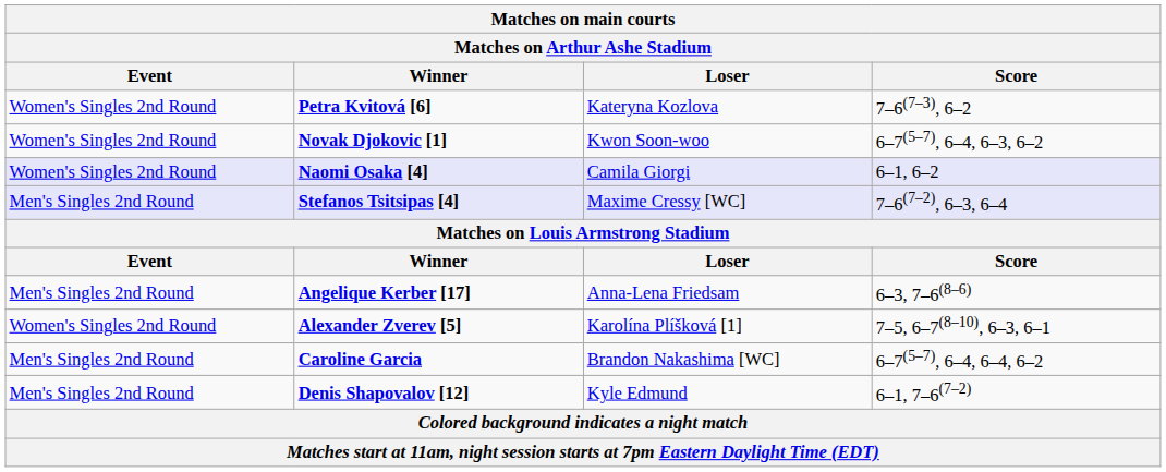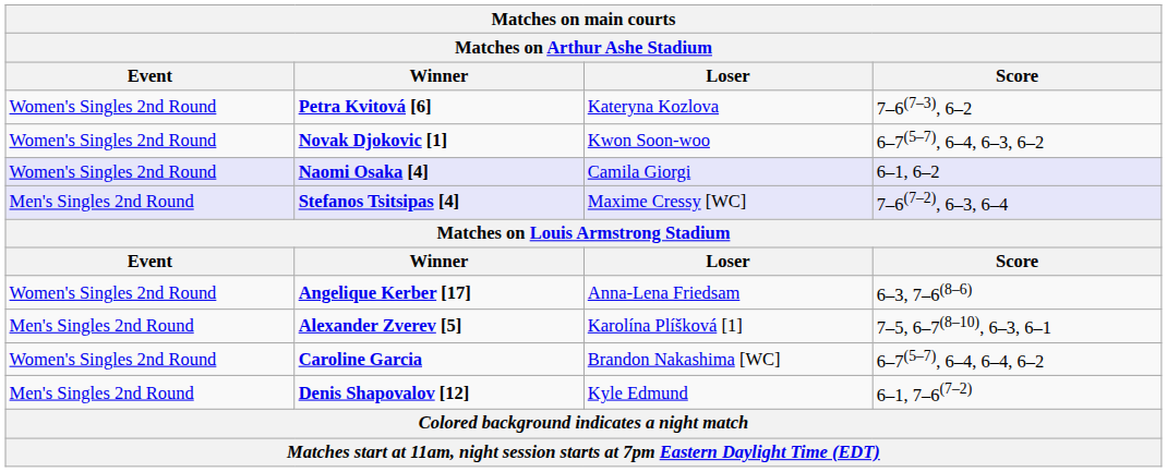 <table class="wikitable" style="margin:auto;">
 <tr>
 <th colspan="4" style="white-space:nowrap;">Matches on main courts</th>
 </tr>
 <tr>
 <th colspan="4"><strong>Matches on <a href='#'>Arthur Ashe Stadium</a></strong></th>
 </tr>
 <tr>
 <th width=250>Event</th>
 <th width=250>Winner</th>
 <th width=250>Loser</th>
 <th width=250>Score</th>
 </tr>
 <tr>
 <td><a href='#'>Women's Singles 2nd Round</a></td>
 <td><strong> <a href='#'>Petra Kvitová</a> [6]</strong></td>
 <td> <a href='#'>Kateryna Kozlova</a></td>
 <td>7–6<sup>(7–3)</sup>, 6–2</td>
 </tr>
 <tr>
 <td><a href='#'>Women's Singles 2nd Round</a></td>
 <td><strong> <a href='#'>Novak Djokovic</a> [1]</strong></td>
 <td> <a href='#'>Kwon Soon-woo</a></td>
 <td>6–7<sup>(5–7)</sup>, 6–4, 6–3, 6–2</td>
 </tr>
 <tr bgcolor=lavender>
 <td><a href='#'>Women's Singles 2nd Round</a></td>
 <td><strong> <a href='#'>Naomi Osaka</a> [4]</strong></td>
 <td> <a href='#'>Camila Giorgi</a></td>
 <td>6–1, 6–2</td>
 </tr>
 <tr bgcolor="lavender">
 <td><a href='#'>Men's Singles 2nd Round</a></td>
 <td><strong> <a href='#'>Stefanos Tsitsipas</a> [4]</strong></td>
 <td> <a href='#'>Maxime Cressy</a> [WC]</td>
 <td>7–6<sup>(7–2)</sup>, 6–3, 6–4</td>
 </tr>
 <tr>
 <th colspan="4"><strong>Matches on <a href='#'>Louis Armstrong Stadium</a></strong></th>
 </tr>
 <tr>
 <th width=250>Event</th>
 <th width=250>Winner</th>
 <th width=250>Loser</th>
 <th width=250>Score</th>
 </tr>
 <tr>
-<td><a href='#'>Men's Singles 2nd Round</a></td>
+<td><a href='#'>Women's Singles 2nd Round</a></td>
 <td><strong> <a href='#'>Angelique Kerber</a> [17]</strong></td>
 <td> <a href='#'>Anna-Lena Friedsam</a></td>
 <td>6–3, 7–6<sup>(8–6)</sup></td>
 </tr>
 <tr>
-<td><a href='#'>Women's Singles 2nd Round</a></td>
+<td><a href='#'>Men's Singles 2nd Round</a></td>
 <td><strong> <a href='#'>Alexander Zverev</a> [5]</strong></td>
 <td> <a href='#'>Karolína Plíšková</a> [1]</td>
 <td>7–5, 6–7<sup>(8–10)</sup>, 6–3, 6–1</td>
 </tr>
 <tr>
-<td><a href='#'>Men's Singles 2nd Round</a></td>
+<td><a href='#'>Women's Singles 2nd Round</a></td>
 <td><strong> <a href='#'>Caroline Garcia</a></strong></td>
 <td> <a href='#'>Brandon Nakashima</a> [WC]</td>
 <td>6–7<sup>(5–7)</sup>, 6–4, 6–4, 6–2</td>
 </tr>
 <tr>
 <td><a href='#'>Men's Singles 2nd Round</a></td>
 <td><strong> <a href='#'>Denis Shapovalov</a> [12]</strong></td>
 <td> <a href='#'>Kyle Edmund</a></td>
 <td>6–1, 7–6<sup>(7–2)</sup></td>
 </tr>
 <tr>
 <th colspan=4><em>Colored background indicates a night match</em></th>
 </tr>
 <tr>
 <th colspan=4><em>Matches start at 11am, night session starts at 7pm <a href='#'>Eastern Daylight Time (EDT)</a></em></th>
 </tr>
 </table>
